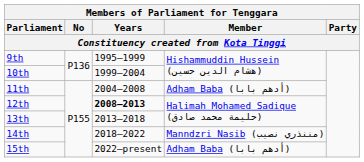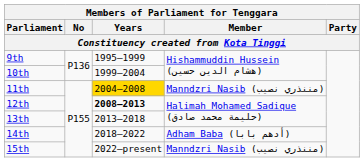 <table class=wikitable>
 <tr>
 <th colspan="5">Members of Parliament for Tenggara</th>
 </tr>
 <tr>
 <th>Parliament</th>
 <th>No</th>
 <th>Years</th>
 <th>Member</th>
 <th>Party</th>
 </tr>
 <tr>
 <th colspan="5" align="center"><em>Constituency created from <a href='#'>Kota Tinggi</a></em></th>
 </tr>
 <tr>
 <td><a href='#'>9th</a></td>
 <td rowspan="2">P136</td>
 <td class="nowrap">1995–1999</td>
 <td rowspan=2><a href='#'>Hishammuddin Hussein</a>  <br>(هشام الدين حسين‎)</td>
 <td rowspan="7"></td>
 </tr>
 <tr>
 <td><a href='#'>10th</a></td>
 <td>1999–2004</td>
 </tr>
 <tr>
 <td><a href='#'>11th</a></td>
 <td rowspan="5">P155</td>
-<td>2004–2008</td>
-<td><a href='#'>Adham Baba</a> (أدهم بابا‎)</td>
+<td style="background: gold;">2004–2008</td>
+<td><a href='#'>Manndzri Nasib</a> (مننذري نصيب)</td>
 </tr>
 <tr>
 <td><a href='#'>12th</a></td>
 <td><strong>2008–2013</strong></td>
 <td rowspan=2><a href='#'>Halimah Mohamed Sadique</a>  <br>(حليمة محمد صادق‎)</td>
 </tr>
 <tr>
 <td><a href='#'>13th</a></td>
 <td>2013–2018</td>
 </tr>
 <tr>
 <td><a href='#'>14th</a></td>
 <td>2018–2022</td>
-<td><a href='#'>Manndzri Nasib</a> (مننذري نصيب)</td>
+<td><a href='#'>Adham Baba</a> (أدهم بابا‎)</td>
 </tr>
 <tr>
 <td><a href='#'>15th</a></td>
 <td>2022–present</td>
-<td><a href='#'>Adham Baba</a> (أدهم بابا‎)</td>
+<td><a href='#'>Manndzri Nasib</a> (مننذري نصيب)</td>
 </tr>
 </table>
